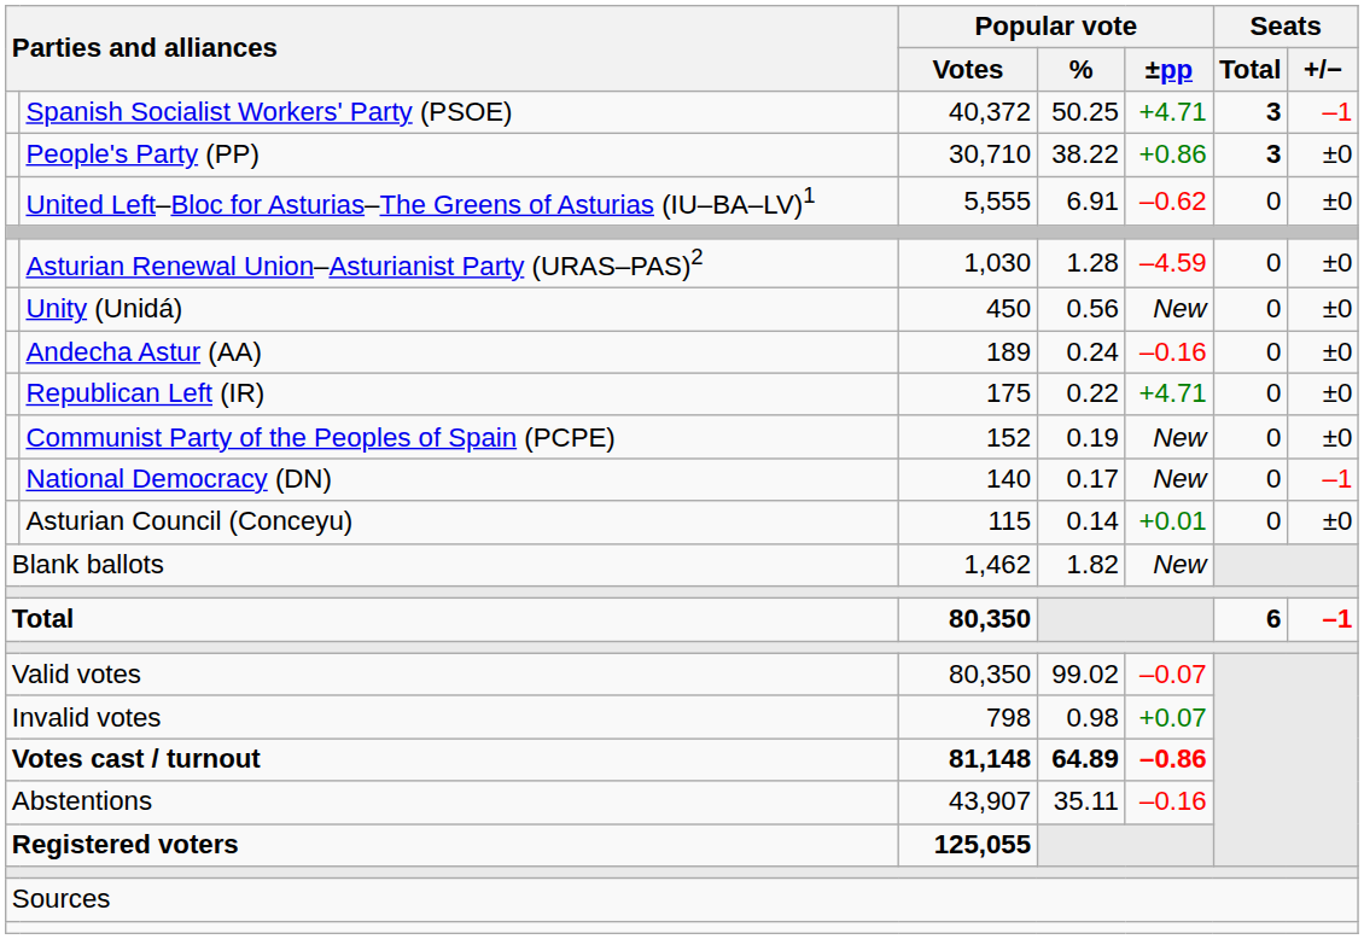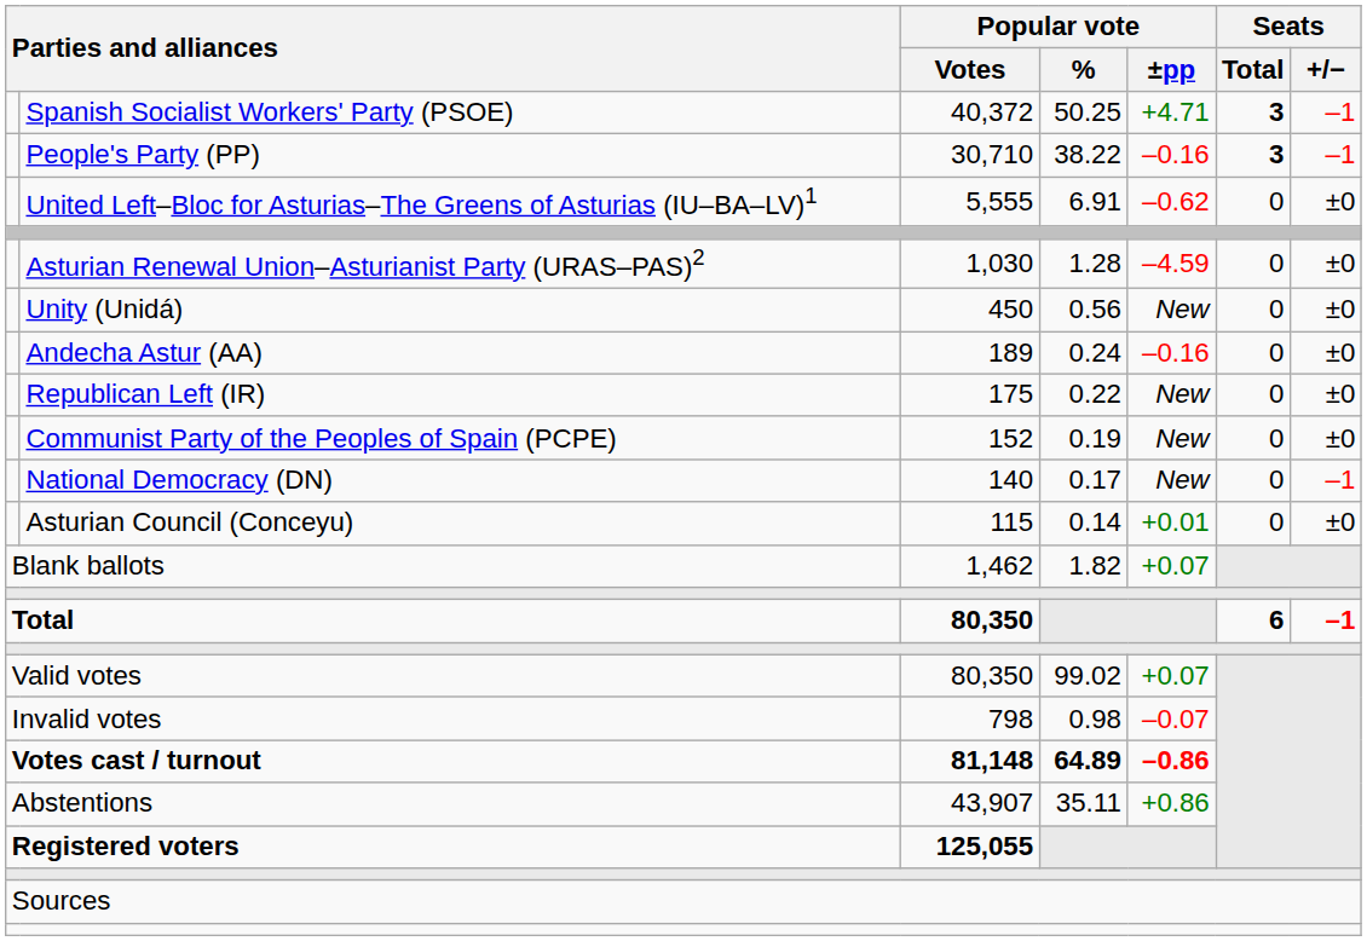 <table class="wikitable" style="text-align:right;">
 <tr>
 <th style="text-align:left;" rowspan="2" colspan="2" width="525">Parties and alliances</th>
 <th colspan="3">Popular vote</th>
 <th colspan="2">Seats</th>
 </tr>
 <tr>
 <th width="75">Votes</th>
 <th width="45">%</th>
 <th width="45">±<a href='#'>pp</a></th>
 <th width="35">Total</th>
 <th width="35">+/−</th>
 </tr>
 <tr>
 <td width="1" style="color:inherit;background:"></td>
 <td align="left"><a href='#'>Spanish Socialist Workers' Party</a> (PSOE)</td>
 <td>40,372</td>
 <td>50.25</td>
 <td style="color:green;">+4.71</td>
 <td><strong>3</strong></td>
 <td style="color:red;">–1</td>
 </tr>
 <tr>
 <td style="color:inherit;background:"></td>
 <td align="left"><a href='#'>People's Party</a> (PP)</td>
 <td>30,710</td>
 <td>38.22</td>
-<td style="color:green;">+0.86</td>
+<td style="color:red;">–0.16</td>
 <td><strong>3</strong></td>
-<td>±0</td>
+<td style="color:red;">–1</td>
 </tr>
 <tr>
 <td style="color:inherit;background:"></td>
 <td align="left"><a href='#'>United Left</a>–<a href='#'>Bloc for Asturias</a>–<a href='#'>The Greens of Asturias</a> (IU–BA–LV)<sup>1</sup></td>
 <td>5,555</td>
 <td>6.91</td>
 <td style="color:red;">–0.62</td>
 <td>0</td>
 <td>±0</td>
 </tr>
 <tr>
 <td colspan="7" bgcolor="#C0C0C0"></td>
 </tr>
 <tr>
 <td style="color:inherit;background:"></td>
 <td align="left"><a href='#'>Asturian Renewal Union</a>–<a href='#'>Asturianist Party</a> (URAS–PAS)<sup>2</sup></td>
 <td>1,030</td>
 <td>1.28</td>
 <td style="color:red;">–4.59</td>
 <td>0</td>
 <td>±0</td>
 </tr>
 <tr>
 <td style="color:inherit;background:"></td>
 <td align="left"><a href='#'>Unity</a> (Unidá)</td>
 <td>450</td>
 <td>0.56</td>
 <td><em>New</em></td>
 <td>0</td>
 <td>±0</td>
 </tr>
 <tr>
 <td style="color:inherit;background:"></td>
 <td align="left"><a href='#'>Andecha Astur</a> (AA)</td>
 <td>189</td>
 <td>0.24</td>
 <td style="color:red;">–0.16</td>
 <td>0</td>
 <td>±0</td>
 </tr>
 <tr>
 <td style="color:inherit;background:"></td>
 <td align="left"><a href='#'>Republican Left</a> (IR)</td>
 <td>175</td>
 <td>0.22</td>
-<td style="color:green;">+4.71</td>
+<td><em>New</em></td>
 <td>0</td>
 <td>±0</td>
 </tr>
 <tr>
 <td style="color:inherit;background:"></td>
 <td align="left"><a href='#'>Communist Party of the Peoples of Spain</a> (PCPE)</td>
 <td>152</td>
 <td>0.19</td>
 <td><em>New</em></td>
 <td>0</td>
 <td>±0</td>
 </tr>
 <tr>
 <td style="color:inherit;background:"></td>
 <td align="left"><a href='#'>National Democracy</a> (DN)</td>
 <td>140</td>
 <td>0.17</td>
 <td><em>New</em></td>
 <td>0</td>
 <td style="color:red;">–1</td>
 </tr>
 <tr>
 <td style="color:inherit;background:"></td>
 <td align="left">Asturian Council (Conceyu)</td>
 <td>115</td>
 <td>0.14</td>
 <td style="color:green;">+0.01</td>
 <td>0</td>
 <td>±0</td>
 </tr>
 <tr>
 <td align="left" colspan="2">Blank ballots</td>
 <td>1,462</td>
 <td>1.82</td>
-<td><em>New</em></td>
+<td style="color:green;">+0.07</td>
 <td bgcolor="#E9E9E9" colspan="2"></td>
 </tr>
 <tr>
 <td colspan="7" bgcolor="#E9E9E9"></td>
 </tr>
 <tr style="font-weight:bold;">
 <td align="left" colspan="2">Total</td>
 <td>80,350</td>
 <td bgcolor="#E9E9E9" colspan="2"></td>
 <td>6</td>
 <td style="color:red;">–1</td>
 </tr>
 <tr>
 <td colspan="7" bgcolor="#E9E9E9"></td>
 </tr>
 <tr>
 <td align="left" colspan="2">Valid votes</td>
 <td>80,350</td>
 <td>99.02</td>
-<td style="color:red;">–0.07</td>
+<td style="color:green;">+0.07</td>
 <td bgcolor="#E9E9E9" colspan="2" rowspan="5"></td>
 </tr>
 <tr>
 <td align="left" colspan="2">Invalid votes</td>
 <td>798</td>
 <td>0.98</td>
-<td style="color:green;">+0.07</td>
+<td style="color:red;">–0.07</td>
 </tr>
 <tr style="font-weight:bold;">
 <td align="left" colspan="2">Votes cast / turnout</td>
 <td>81,148</td>
 <td>64.89</td>
 <td style="color:red;">–0.86</td>
 </tr>
 <tr>
 <td align="left" colspan="2">Abstentions</td>
 <td>43,907</td>
 <td>35.11</td>
-<td style="color:red;">–0.16</td>
+<td style="color:green;">+0.86</td>
 </tr>
 <tr style="font-weight:bold;">
 <td align="left" colspan="2">Registered voters</td>
 <td>125,055</td>
 <td bgcolor="#E9E9E9" colspan="2"></td>
 </tr>
 <tr>
 <td colspan="7" bgcolor="#E9E9E9"></td>
 </tr>
 <tr>
 <td align="left" colspan="7">Sources</td>
 </tr>
 <tr>
 <td colspan="7" style="text-align:left; max-width:790px;"></td>
 </tr>
 </table>
